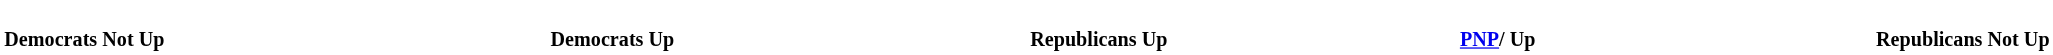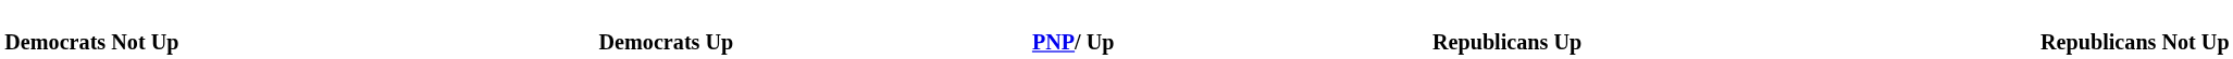 <table style="width:100%; text-align:center">
 <tr style="color:white">
 <td style="background:"><strong>23</strong></td>
 <td style="background:"><strong>5</strong></td>
+<td style="background:"><strong>1</strong></td>
 <td style="background:"><strong>7</strong></td>
-<td style="background:"><strong>1</strong></td>
 <td style="background:"><strong>20</strong></td>
 </tr>
 <tr>
 <td style="color:"><strong>Democrats Not Up</strong></td>
 <td style="color:"><strong>Democrats Up</strong></td>
+<td style="color:"><strong><a href='#'>PNP</a>/ Up</strong></td>
 <td style="color:"><strong>Republicans Up</strong></td>
-<td style="color:"><strong><a href='#'>PNP</a>/ Up</strong></td>
 <td style="color:"><strong>Republicans Not Up</strong></td>
 </tr>
 </table>
